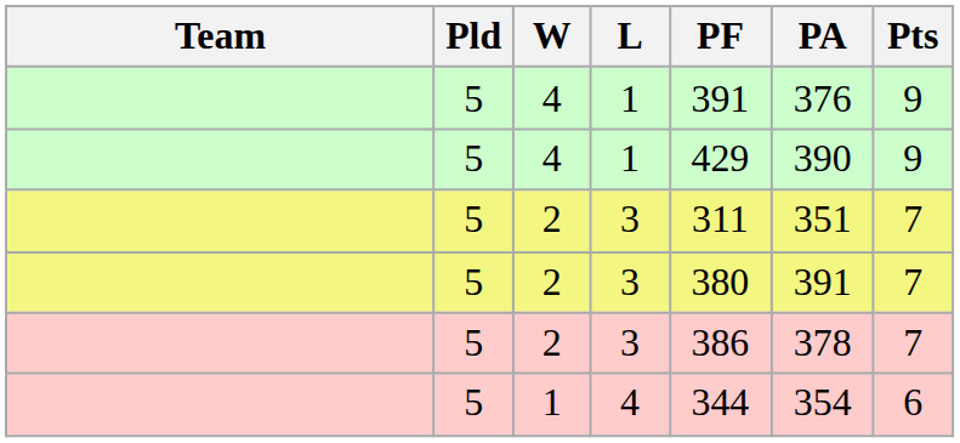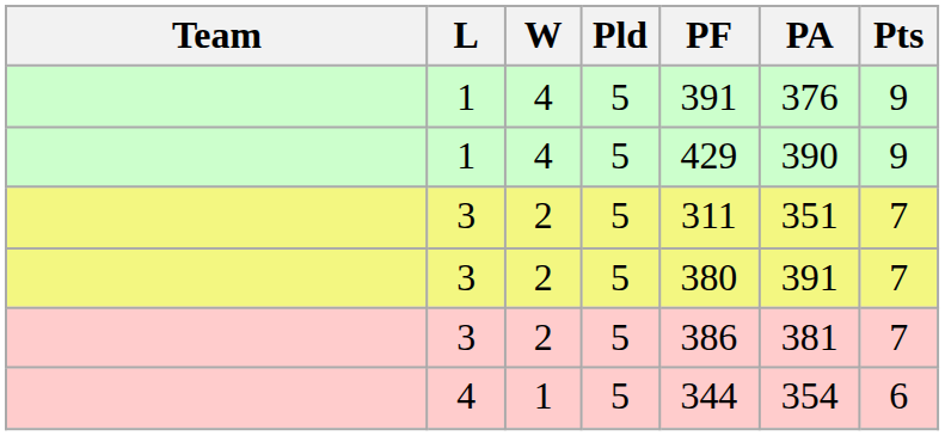 <table class="wikitable" style="text-align:center;">
 <tr>
 <th width=170>Team</th>
+<th width=25>L</th>
+<th width=25>W</th>
 <th width=25>Pld</th>
-<th width=25>W</th>
-<th width=25>L</th>
 <th width=35>PF</th>
 <th width=35>PA</th>
 <th width=25>Pts</th>
 </tr>
 <tr bgcolor=#ccffcc>
 <td align="left"></td>
+<td>1</td>
+<td>4</td>
 <td>5</td>
-<td>4</td>
-<td>1</td>
 <td>391</td>
 <td>376</td>
 <td>9</td>
 </tr>
 <tr bgcolor=#ccffcc>
 <td align="left"></td>
+<td>1</td>
+<td>4</td>
 <td>5</td>
-<td>4</td>
-<td>1</td>
 <td>429</td>
 <td>390</td>
 <td>9</td>
 </tr>
 <tr bgcolor=#F3F781>
 <td align="left"></td>
+<td>3</td>
+<td>2</td>
 <td>5</td>
-<td>2</td>
-<td>3</td>
 <td>311</td>
 <td>351</td>
 <td>7</td>
 </tr>
 <tr bgcolor=#F3F781>
 <td align="left"></td>
+<td>3</td>
+<td>2</td>
 <td>5</td>
-<td>2</td>
-<td>3</td>
 <td>380</td>
 <td>391</td>
 <td>7</td>
 </tr>
 <tr bgcolor=#ffcccc>
 <td align="left"></td>
+<td>3</td>
+<td>2</td>
 <td>5</td>
-<td>2</td>
-<td>3</td>
 <td>386</td>
-<td>378</td>
+<td>381</td>
 <td>7</td>
 </tr>
 <tr bgcolor=#ffcccc>
 <td align="left"></td>
+<td>4</td>
+<td>1</td>
 <td>5</td>
-<td>1</td>
-<td>4</td>
 <td>344</td>
 <td>354</td>
 <td>6</td>
 </tr>
 </table>
